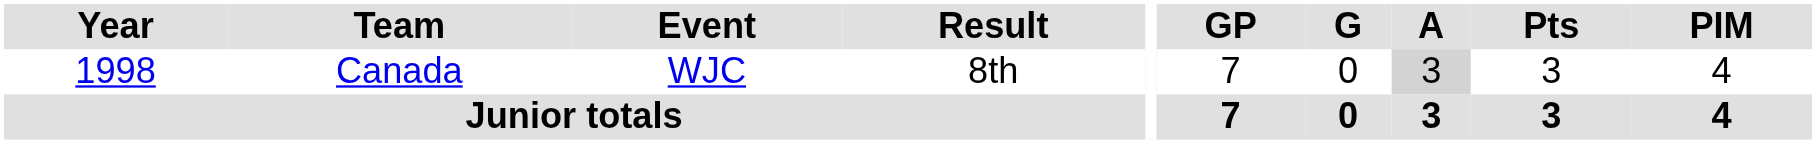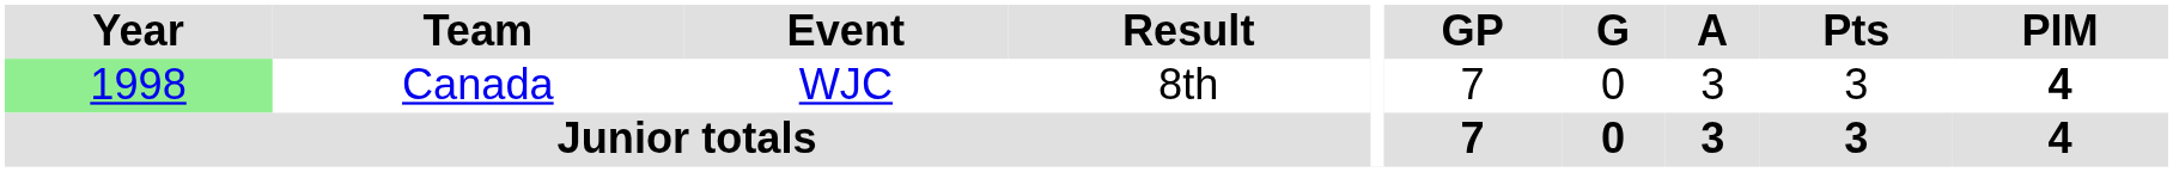 <table border="0" cellpadding="1" cellspacing="0" ID="Table3" style="text-align:center; width:50em">
 <tr align="center" bgcolor="#e0e0e0">
 <th>Year</th>
 <th>Team</th>
 <th>Event</th>
 <th>Result</th>
 <th rowspan="99" bgcolor="#ffffff"></th>
 <th>GP</th>
 <th>G</th>
 <th>A</th>
 <th>Pts</th>
 <th>PIM</th>
 </tr>
 <tr>
-<td><a href='#'>1998</a></td>
+<td style="background: lightgreen;"><a href='#'>1998</a></td>
 <td><a href='#'>Canada</a></td>
 <td><a href='#'>WJC</a></td>
 <td>8th</td>
 <td>7</td>
 <td>0</td>
-<td style="background: lightgrey;">3</td>
 <td>3</td>
-<td>4</td>
+<td>3</td>
+<td><strong>4</strong></td>
 </tr>
 <tr bgcolor="#e0e0e0">
 <th colspan="4">Junior totals</th>
 <th>7</th>
 <th>0</th>
 <th>3</th>
 <th>3</th>
 <th>4</th>
 </tr>
 </table>
